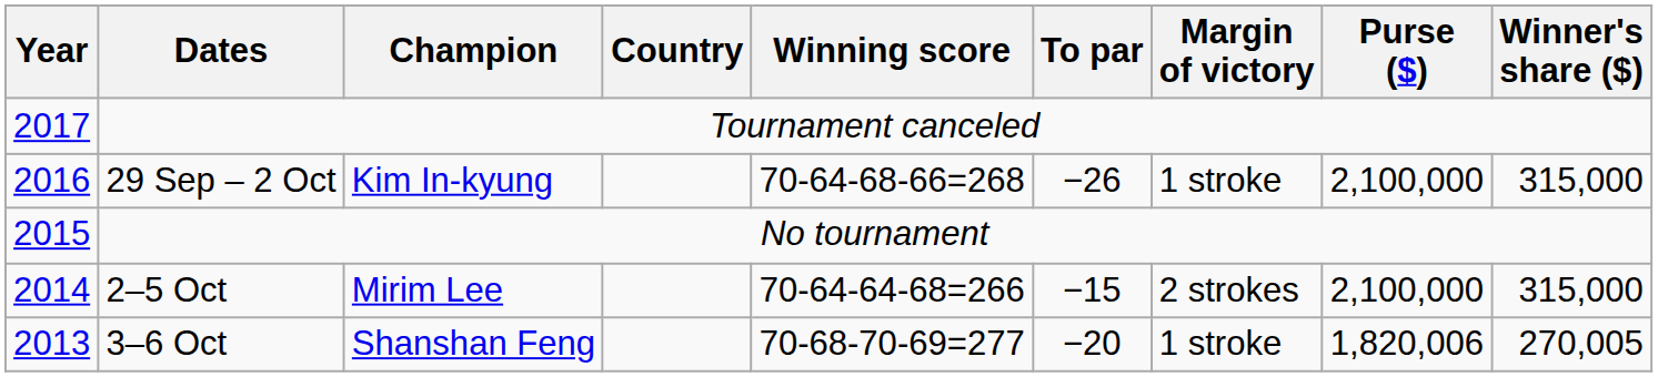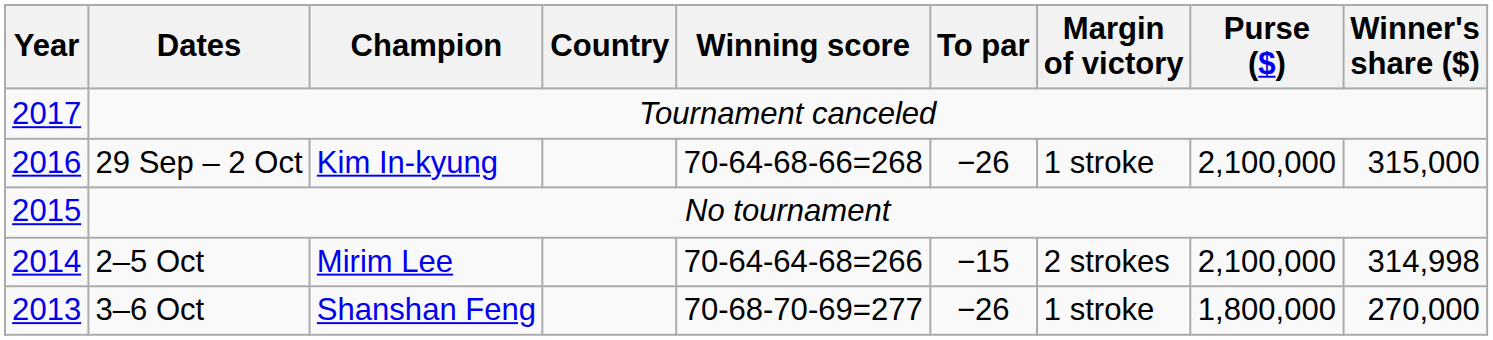 <table class="wikitable">
 <tr>
 <th>Year</th>
 <th>Dates</th>
 <th>Champion</th>
 <th>Country</th>
 <th>Winning score</th>
 <th>To par</th>
 <th>Margin<br>of victory</th>
 <th>Purse<br>(<a href='#'>$</a>)</th>
 <th>Winner's<br>share ($)</th>
 </tr>
 <tr>
 <td><a href='#'>2017</a></td>
 <td colspan=8 style="text-align:center;"><em>Tournament canceled</em></td>
 </tr>
 <tr>
 <td><a href='#'>2016</a></td>
 <td>29 Sep – 2 Oct</td>
 <td><a href='#'>Kim In-kyung</a></td>
 <td></td>
 <td>70-64-68-66=268</td>
 <td align=center>−26</td>
 <td>1 stroke</td>
 <td align=right>2,100,000</td>
 <td align=right>315,000</td>
 </tr>
 <tr>
 <td><a href='#'>2015</a></td>
 <td colspan=8 style="text-align:center;"><em>No tournament</em></td>
 </tr>
 <tr>
 <td><a href='#'>2014</a></td>
 <td>2–5 Oct</td>
 <td><a href='#'>Mirim Lee</a></td>
 <td></td>
 <td>70-64-64-68=266</td>
 <td align=center>−15</td>
 <td>2 strokes</td>
 <td align=right>2,100,000</td>
-<td align=right>315,000</td>
+<td align=right>314,998</td>
 </tr>
 <tr>
 <td><a href='#'>2013</a></td>
 <td>3–6 Oct</td>
 <td><a href='#'>Shanshan Feng</a></td>
 <td></td>
 <td>70-68-70-69=277</td>
-<td align=center>−20</td>
+<td align=center>−26</td>
 <td>1 stroke</td>
-<td align=right>1,820,006</td>
-<td align=right>270,005</td>
+<td align=right>1,800,000</td>
+<td align=right>270,000</td>
 </tr>
 </table>
